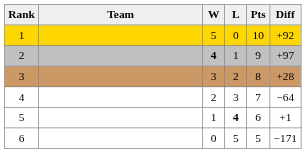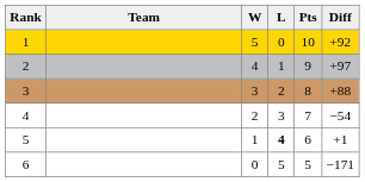 <table style=border-collapse:collapse border=1 cellspacing=0 cellpadding=5>
 <tr align=center bgcolor=#efefef>
 <th width=20>Rank</th>
 <th width=220>Team</th>
 <th width=20>W</th>
 <th width=20>L</th>
 <th width=20>Pts</th>
 <th width=25>Diff</th>
 </tr>
 <tr align=center bgcolor=gold>
 <td>1</td>
 <td align=left></td>
 <td>5</td>
 <td>0</td>
 <td>10</td>
 <td>+92</td>
 </tr>
 <tr align=center bgcolor=silver>
 <td>2</td>
 <td align=left></td>
-<td><strong>4</strong></td>
+<td>4</td>
 <td>1</td>
 <td>9</td>
 <td>+97</td>
 </tr>
 <tr align=center bgcolor=cc9966>
 <td>3</td>
 <td align=left></td>
 <td>3</td>
 <td>2</td>
 <td>8</td>
-<td>+28</td>
+<td>+88</td>
 </tr>
 <tr align=center>
 <td>4</td>
 <td align=left></td>
 <td>2</td>
 <td>3</td>
 <td>7</td>
-<td>−64</td>
+<td>−54</td>
 </tr>
 <tr align=center>
 <td>5</td>
 <td align=left></td>
 <td>1</td>
 <td><strong>4</strong></td>
 <td>6</td>
 <td>+1</td>
 </tr>
 <tr align=center>
 <td>6</td>
 <td align=left></td>
 <td>0</td>
 <td>5</td>
 <td>5</td>
 <td>−171</td>
 </tr>
 </table>
